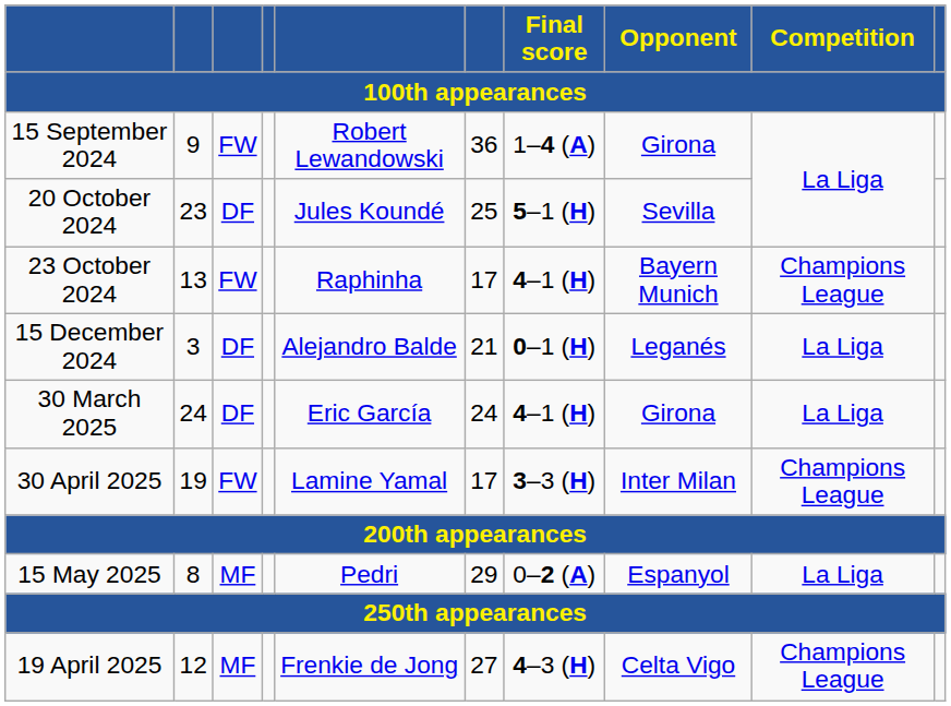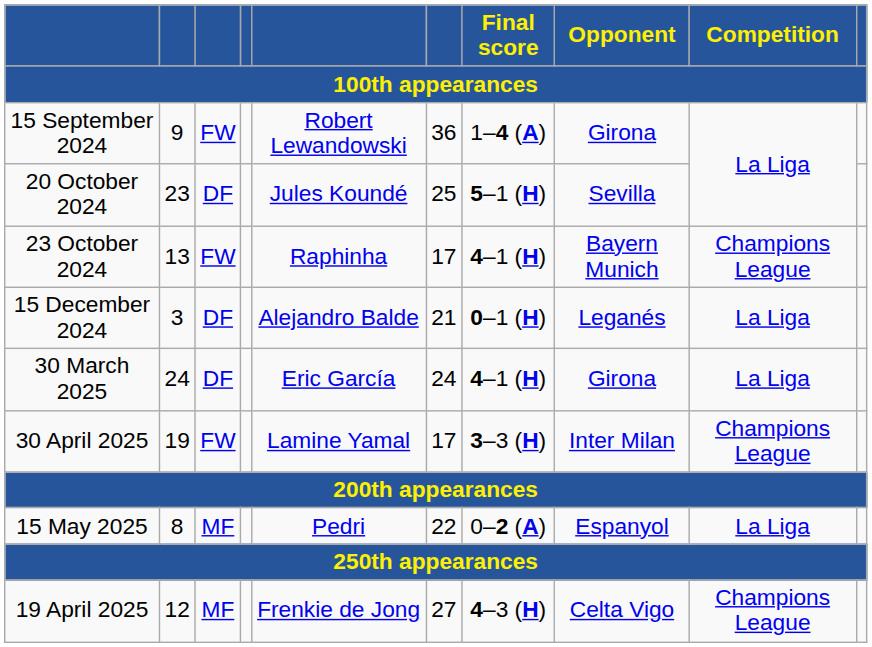 <table class="wikitable" style="text-align:center">
 <tr>
 <th style="background:#26559B;color:#FFF000;"></th>
 <th style="background:#26559B;color:#FFF000;"></th>
 <th style="background:#26559B;color:#FFF000;"></th>
 <th style="background:#26559B;color:#FFF000;"></th>
 <th style="background:#26559B;color:#FFF000;"></th>
 <th style="background:#26559B;color:#FFF000;"></th>
 <th style="background:#26559B;color:#FFF000;">Final score</th>
 <th style="background:#26559B;color:#FFF000;">Opponent</th>
 <th style="background:#26559B;color:#FFF000;">Competition</th>
 <th style="background:#26559B;color:#FFF000;"></th>
 </tr>
 <tr>
 <th colspan=10 style="background:#26559B;color:#FFF000;">100th appearances</th>
 </tr>
 <tr>
 <td>15 September 2024</td>
 <td>9</td>
 <td><a href='#'>FW</a></td>
 <td></td>
 <td><a href='#'>Robert Lewandowski</a></td>
 <td>36</td>
 <td>1–<strong>4</strong> (<a href='#'><strong>A</strong></a>)</td>
 <td><a href='#'>Girona</a></td>
 <td rowspan=2><a href='#'>La Liga</a></td>
 <td></td>
 </tr>
 <tr>
 <td>20 October 2024</td>
 <td>23</td>
 <td><a href='#'>DF</a></td>
 <td></td>
 <td><a href='#'>Jules Koundé</a></td>
 <td>25</td>
 <td><strong>5</strong>–1 (<a href='#'><strong>H</strong></a>)</td>
 <td><a href='#'>Sevilla</a></td>
 <td></td>
 </tr>
 <tr>
 <td>23 October 2024</td>
 <td>13</td>
 <td><a href='#'>FW</a></td>
 <td></td>
 <td><a href='#'>Raphinha</a></td>
 <td>17</td>
 <td><strong>4</strong>–1 (<a href='#'><strong>H</strong></a>)</td>
 <td> <a href='#'>Bayern Munich</a></td>
 <td><a href='#'>Champions League</a></td>
 <td></td>
 </tr>
 <tr>
 <td>15 December 2024</td>
 <td>3</td>
 <td><a href='#'>DF</a></td>
 <td></td>
 <td><a href='#'>Alejandro Balde</a></td>
 <td>21</td>
 <td><strong>0</strong>–1 (<a href='#'><strong>H</strong></a>)</td>
 <td><a href='#'>Leganés</a></td>
 <td><a href='#'>La Liga</a></td>
 <td></td>
 </tr>
 <tr>
 <td>30 March 2025</td>
 <td>24</td>
 <td><a href='#'>DF</a></td>
 <td></td>
 <td><a href='#'>Eric García</a></td>
 <td>24</td>
 <td><strong>4</strong>–1 (<a href='#'><strong>H</strong></a>)</td>
 <td><a href='#'>Girona</a></td>
 <td><a href='#'>La Liga</a></td>
 <td></td>
 </tr>
 <tr>
 <td>30 April 2025</td>
 <td>19</td>
 <td><a href='#'>FW</a></td>
 <td></td>
 <td><a href='#'>Lamine Yamal</a></td>
 <td>17</td>
 <td><strong>3</strong>–3  (<a href='#'><strong>H</strong></a>)</td>
 <td> <a href='#'>Inter Milan</a></td>
 <td><a href='#'>Champions League</a></td>
 <td></td>
 </tr>
 <tr>
 <th colspan=10 style="background:#26559B;color:#FFF000;">200th appearances</th>
 </tr>
 <tr>
 <td>15 May 2025</td>
 <td>8</td>
 <td><a href='#'>MF</a></td>
 <td></td>
 <td><a href='#'>Pedri</a></td>
-<td>29</td>
+<td>22</td>
 <td>0–<strong>2</strong> (<a href='#'><strong>A</strong></a>)</td>
 <td><a href='#'>Espanyol</a></td>
 <td><a href='#'>La Liga</a></td>
 <td></td>
 </tr>
 <tr>
 <th colspan=10 style="background:#26559B;color:#FFF000;">250th appearances</th>
 </tr>
 <tr>
 <td>19 April 2025</td>
 <td>12</td>
 <td><a href='#'>MF</a></td>
 <td></td>
 <td><a href='#'>Frenkie de Jong</a></td>
 <td>27</td>
 <td><strong>4</strong>–3 (<a href='#'><strong>H</strong></a>)</td>
 <td><a href='#'>Celta Vigo</a></td>
 <td><a href='#'>Champions League</a></td>
 <td></td>
 </tr>
 </table>
